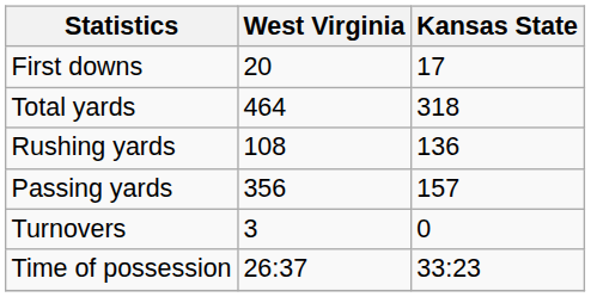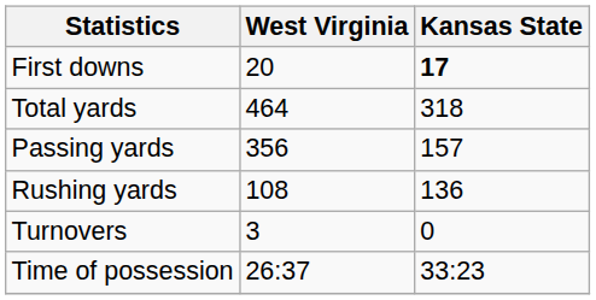 <table class="wikitable" style="float: left;">
 <tr>
 <th>Statistics</th>
 <th>West Virginia</th>
 <th>Kansas State</th>
 </tr>
 <tr>
 <td>First downs</td>
 <td>20</td>
-<td>17</td>
+<td><strong>17</strong></td>
 </tr>
 <tr>
 <td>Total yards</td>
 <td>464</td>
 <td>318</td>
 </tr>
 <tr>
+<td>Passing yards</td>
+<td>356</td>
+<td>157</td>
+</tr>
+<tr>
 <td>Rushing yards</td>
 <td>108</td>
 <td>136</td>
-</tr>
-<tr>
-<td>Passing yards</td>
-<td>356</td>
-<td>157</td>
 </tr>
 <tr>
 <td>Turnovers</td>
 <td>3</td>
 <td>0</td>
 </tr>
 <tr>
 <td>Time of possession</td>
 <td>26:37</td>
 <td>33:23</td>
 </tr>
 <tr>
 </tr>
 </table>
